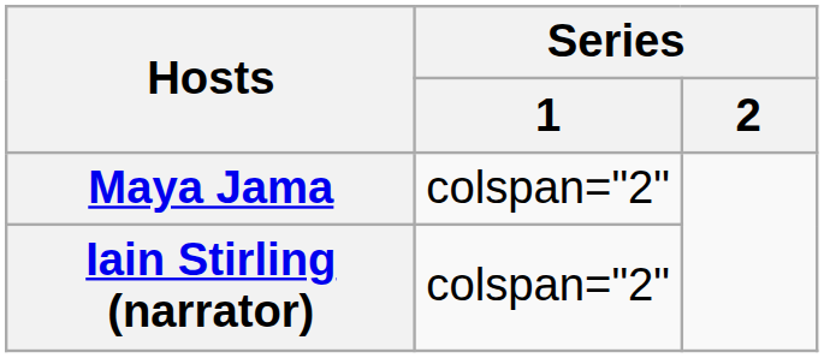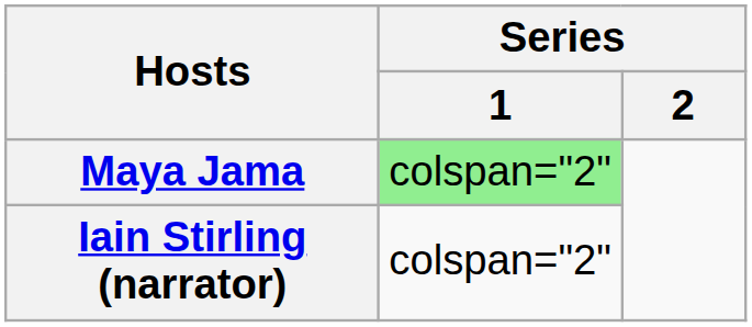 <table class="wikitable plainrowheaders">
 <tr>
 <th rowspan="2" style="width:135px">Hosts</th>
 <th colspan="2">Series</th>
 </tr>
 <tr>
 <th style="width:40px">1</th>
 <th style="width:40px">2</th>
 </tr>
 <tr>
 <th scope="row"><a href='#'>Maya Jama</a></th>
-<td>colspan="2" </td>
+<td style="background: lightgreen;">colspan="2" </td>
 </tr>
 <tr>
 <th scope="row"><a href='#'>Iain Stirling</a> (narrator)</th>
 <td>colspan="2" </td>
 </tr>
 </table>
